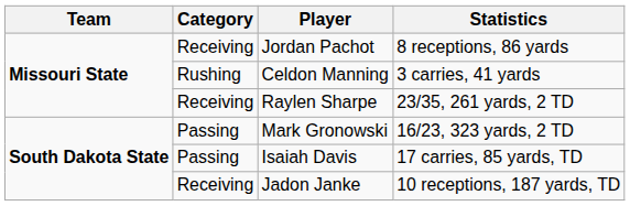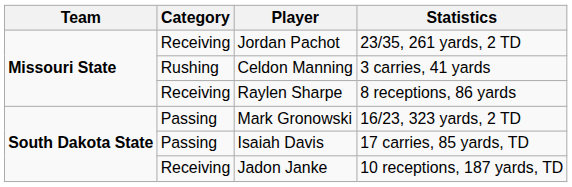 <table class="wikitable" style="float: left;">
 <tr>
 <th>Team</th>
 <th>Category</th>
 <th>Player</th>
 <th>Statistics</th>
 </tr>
 <tr>
 <td rowspan=3><strong>Missouri State</strong></td>
 <td>Receiving</td>
 <td>Jordan Pachot</td>
-<td>8 receptions, 86 yards</td>
+<td>23/35, 261 yards, 2 TD</td>
 </tr>
 <tr>
 <td>Rushing</td>
 <td>Celdon Manning</td>
 <td>3 carries, 41 yards</td>
 </tr>
 <tr>
 <td>Receiving</td>
 <td>Raylen Sharpe</td>
-<td>23/35, 261 yards, 2 TD</td>
+<td>8 receptions, 86 yards</td>
 </tr>
 <tr>
 <td rowspan=3><strong>South Dakota State</strong></td>
 <td>Passing</td>
 <td>Mark Gronowski</td>
 <td>16/23, 323 yards, 2 TD</td>
 </tr>
 <tr>
 <td>Passing</td>
 <td>Isaiah Davis</td>
 <td>17 carries, 85 yards, TD</td>
 </tr>
 <tr>
 <td>Receiving</td>
 <td>Jadon Janke</td>
 <td>10 receptions, 187 yards, TD</td>
 </tr>
 </table>
